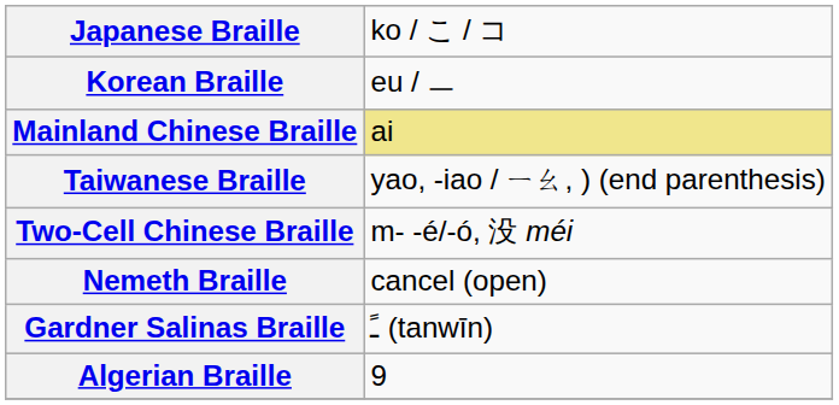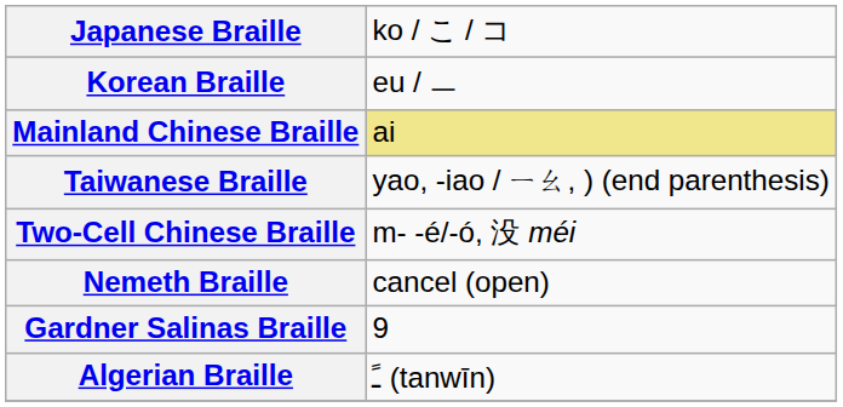 <table class="wikitable">
 <tr>
 <th align=left><a href='#'>Japanese Braille</a></th>
 <td>ko / こ / コ </td>
 </tr>
 <tr>
 <th align=left><a href='#'>Korean Braille</a></th>
 <td>eu / ㅡ </td>
 </tr>
 <tr>
 <th align=left><a href='#'>Mainland Chinese Braille</a></th>
 <td style="background: khaki;">ai </td>
 </tr>
 <tr>
 <th align=left><a href='#'>Taiwanese Braille</a></th>
 <td>yao, -iao / ㄧㄠ, ) (end parenthesis)</td>
 </tr>
 <tr>
 <th align=left><a href='#'>Two-Cell Chinese Braille</a></th>
 <td>m- -é/-ó, 没 <em>méi</em></td>
 </tr>
 <tr>
 <th align=left><a href='#'>Nemeth Braille</a></th>
 <td>cancel (open) </td>
 </tr>
 <tr>
 <th align=left><a href='#'>Gardner Salinas Braille</a></th>
-<td>ـً (tanwīn) ‎</td>
+<td>9 </td>
 </tr>
 <tr>
 <th align=left><a href='#'>Algerian Braille</a></th>
-<td>9 </td>
+<td>ـً (tanwīn) ‎</td>
 </tr>
 <tr>
 </tr>
 </table>
